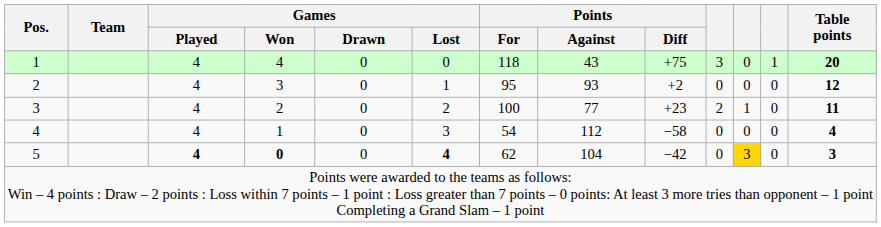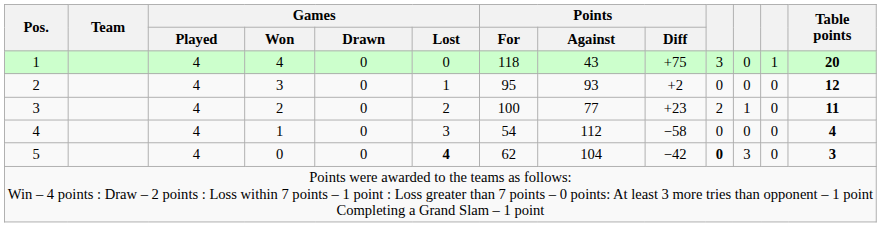 <table class="wikitable" style="text-align:center">
 <tr>
 <th rowspan="2">Pos.</th>
 <th rowspan="2">Team</th>
 <th colspan="4">Games</th>
 <th colspan="3">Points</th>
 <th rowspan="2"></th>
 <th rowspan="2"></th>
 <th rowspan="2"></th>
 <th rowspan="2">Table<br>points</th>
 </tr>
 <tr>
 <th>Played</th>
 <th>Won</th>
 <th>Drawn</th>
 <th>Lost</th>
 <th>For</th>
 <th>Against</th>
 <th>Diff</th>
 </tr>
 <tr style="background:#cfc">
 <td>1</td>
 <td align=left></td>
 <td>4</td>
 <td>4</td>
 <td>0</td>
 <td>0</td>
 <td>118</td>
 <td>43</td>
 <td>+75</td>
 <td>3</td>
 <td>0</td>
 <td>1</td>
 <td><strong>20</strong></td>
 </tr>
 <tr>
 <td>2</td>
 <td align=left></td>
 <td>4</td>
 <td>3</td>
 <td>0</td>
 <td>1</td>
 <td>95</td>
 <td>93</td>
 <td>+2</td>
 <td>0</td>
 <td>0</td>
 <td>0</td>
 <td><strong>12</strong></td>
 </tr>
 <tr>
 <td>3</td>
 <td align=left></td>
 <td>4</td>
 <td>2</td>
 <td>0</td>
 <td>2</td>
 <td>100</td>
 <td>77</td>
 <td>+23</td>
 <td>2</td>
 <td>1</td>
 <td>0</td>
 <td><strong>11</strong></td>
 </tr>
 <tr>
 <td>4</td>
 <td align=left></td>
 <td>4</td>
 <td>1</td>
 <td>0</td>
 <td>3</td>
 <td>54</td>
 <td>112</td>
 <td>−58</td>
 <td>0</td>
 <td>0</td>
 <td>0</td>
 <td><strong>4</strong></td>
 </tr>
 <tr>
 <td>5</td>
 <td align=left></td>
-<td><strong>4</strong></td>
-<td><strong>0</strong></td>
+<td>4</td>
+<td>0</td>
 <td>0</td>
 <td><strong>4</strong></td>
 <td>62</td>
 <td>104</td>
 <td>−42</td>
-<td>0</td>
-<td style="background: gold;">3</td>
+<td><strong>0</strong></td>
+<td>3</td>
 <td>0</td>
 <td><strong>3</strong></td>
 </tr>
 <tr>
 <td colspan="13">Points were awarded to the teams as follows:<br>Win – 4 points : Draw – 2 points : Loss within 7 points – 1 point : Loss greater than 7 points – 0 points: At least 3 more tries than opponent – 1 point<br>Completing a Grand Slam – 1 point</td>
 </tr>
 </table>
